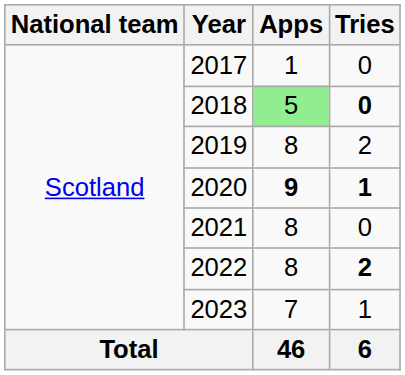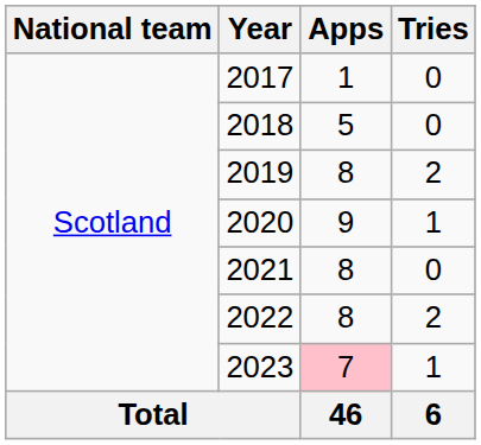 <table class=wikitable style="text-align:center">
 <tr>
 <th>National team</th>
 <th>Year</th>
 <th>Apps</th>
 <th>Tries</th>
 </tr>
 <tr>
 <td rowspan="7"><a href='#'>Scotland</a></td>
 <td>2017</td>
 <td>1</td>
 <td>0</td>
 </tr>
 <tr>
 <td>2018</td>
-<td style="background: lightgreen;">5</td>
-<td><strong>0</strong></td>
+<td>5</td>
+<td>0</td>
 </tr>
 <tr>
 <td>2019</td>
 <td>8</td>
 <td>2</td>
 </tr>
 <tr>
 <td>2020</td>
-<td><strong>9</strong></td>
-<td><strong>1</strong></td>
+<td>9</td>
+<td>1</td>
 </tr>
 <tr>
 <td>2021</td>
 <td>8</td>
 <td>0</td>
 </tr>
 <tr>
 <td>2022</td>
 <td>8</td>
-<td><strong>2</strong></td>
+<td>2</td>
 </tr>
 <tr>
 <td>2023</td>
-<td>7</td>
+<td style="background: pink;">7</td>
 <td>1</td>
 </tr>
 <tr>
 <th colspan="2">Total</th>
 <th>46</th>
 <th>6</th>
 </tr>
 </table>
